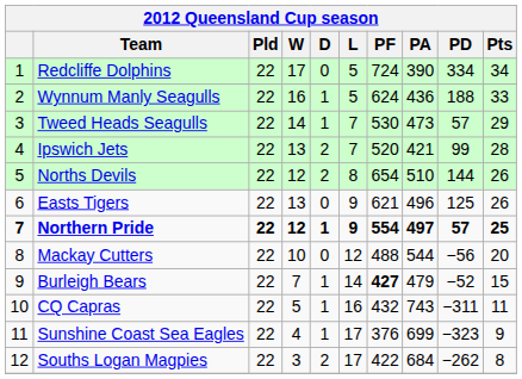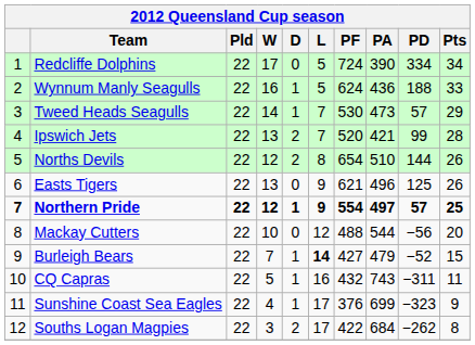 <table class="wikitable" style="text-align:center;">
 <tr>
 <th colspan=11><a href='#'>2012 Queensland Cup season</a></th>
 </tr>
 <tr>
 <th width=20 abbr="Position"></th>
 <th width=200>Team</th>
 <th width=20 abbr="Played">Pld</th>
 <th width=20 abbr="Won">W</th>
 <th width=20 abbr="Drawn">D</th>
 <th width=20 abbr="Lost">L</th>
 <th width=20 abbr="Points for">PF</th>
 <th width=20 abbr="Points against">PA</th>
 <th width=20 abbr="Points difference">PD</th>
 <th width=20 abbr="Points">Pts</th>
 </tr>
 <tr style="background: #ccffcc;">
 <td>1</td>
 <td style="text-align:left;"> <a href='#'>Redcliffe Dolphins</a></td>
 <td>22</td>
 <td>17</td>
 <td>0</td>
 <td>5</td>
 <td>724</td>
 <td>390</td>
 <td>334</td>
 <td>34</td>
 </tr>
 <tr style="background: #ccffcc;">
 <td>2</td>
 <td style="text-align:left;"> <a href='#'>Wynnum Manly Seagulls</a></td>
 <td>22</td>
 <td>16</td>
 <td>1</td>
 <td>5</td>
 <td>624</td>
 <td>436</td>
 <td>188</td>
 <td>33</td>
 </tr>
 <tr style="background: #ccffcc;">
 <td>3</td>
 <td style="text-align:left;"> <a href='#'>Tweed Heads Seagulls</a></td>
 <td>22</td>
 <td>14</td>
 <td>1</td>
 <td>7</td>
 <td>530</td>
 <td>473</td>
 <td>57</td>
 <td>29</td>
 </tr>
 <tr style="background: #ccffcc;">
 <td>4</td>
 <td style="text-align:left;"> <a href='#'>Ipswich Jets</a></td>
 <td>22</td>
 <td>13</td>
 <td>2</td>
 <td>7</td>
 <td>520</td>
 <td>421</td>
 <td>99</td>
 <td>28</td>
 </tr>
 <tr style="background: #ccffcc;">
 <td>5</td>
 <td style="text-align:left;"> <a href='#'>Norths Devils</a></td>
 <td>22</td>
 <td>12</td>
 <td>2</td>
 <td>8</td>
 <td>654</td>
 <td>510</td>
 <td>144</td>
 <td>26</td>
 </tr>
 <tr style="background:">
 <td>6</td>
 <td style="text-align:left;"> <a href='#'>Easts Tigers</a></td>
 <td>22</td>
 <td>13</td>
 <td>0</td>
 <td>9</td>
 <td>621</td>
 <td>496</td>
 <td>125</td>
 <td>26</td>
 </tr>
 <tr style="background:">
 <td><strong>7</strong></td>
 <td style="text-align:left;"> <strong><a href='#'>Northern Pride</a></strong></td>
 <td><strong>22</strong></td>
 <td><strong>12</strong></td>
 <td><strong>1</strong></td>
 <td><strong>9</strong></td>
 <td><strong>554</strong></td>
 <td><strong>497</strong></td>
 <td><strong>57</strong></td>
 <td><strong>25</strong></td>
 </tr>
 <tr style="background:">
 <td>8</td>
 <td style="text-align:left;"> <a href='#'>Mackay Cutters</a></td>
 <td>22</td>
 <td>10</td>
 <td>0</td>
 <td>12</td>
 <td>488</td>
 <td>544</td>
 <td>−56</td>
 <td>20</td>
 </tr>
 <tr style="background:">
 <td>9</td>
 <td style="text-align:left;"> <a href='#'>Burleigh Bears</a></td>
 <td>22</td>
 <td>7</td>
 <td>1</td>
-<td>14</td>
-<td><strong>427</strong></td>
+<td><strong>14</strong></td>
+<td>427</td>
 <td>479</td>
 <td>−52</td>
 <td>15</td>
 </tr>
 <tr style="background:">
 <td>10</td>
 <td style="text-align:left;"> <a href='#'>CQ Capras</a></td>
 <td>22</td>
 <td>5</td>
 <td>1</td>
 <td>16</td>
 <td>432</td>
 <td>743</td>
 <td>−311</td>
 <td>11</td>
 </tr>
 <tr style="background:">
 <td>11</td>
 <td style="text-align:left;"> <a href='#'>Sunshine Coast Sea Eagles</a></td>
 <td>22</td>
 <td>4</td>
 <td>1</td>
 <td>17</td>
 <td>376</td>
 <td>699</td>
 <td>−323</td>
 <td>9</td>
 </tr>
 <tr style="background:">
 <td>12</td>
 <td style="text-align:left;"> <a href='#'>Souths Logan Magpies</a></td>
 <td>22</td>
 <td>3</td>
 <td>2</td>
 <td>17</td>
 <td>422</td>
 <td>684</td>
 <td>−262</td>
 <td>8</td>
 </tr>
 <tr>
 </tr>
 </table>
